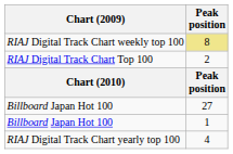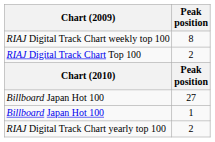 <table class="wikitable sortable">
 <tr>
 <th>Chart (2009)</th>
 <th>Peak<br>position</th>
 </tr>
 <tr>
 <td><em>RIAJ</em> Digital Track Chart weekly top 100</td>
-<td align="center" style="background: khaki;">8</td>
+<td align="center">8</td>
 </tr>
 <tr>
 <td><a href='#'><em>RIAJ</em> Digital Track Chart</a> Top 100</td>
 <td align="center">2</td>
 </tr>
 <tr>
 <th>Chart (2010)</th>
 <th>Peak<br>position</th>
 </tr>
 <tr>
 <td><em>Billboard</em> Japan Hot 100</td>
 <td align="center">27</td>
 </tr>
 <tr>
 <td><em><a href='#'>Billboard</a></em> <a href='#'>Japan Hot 100</a></td>
 <td align="center">1</td>
 </tr>
 <tr>
 <td><em>RIAJ</em> Digital Track Chart yearly top 100</td>
-<td align="center">4</td>
+<td align="center">2</td>
 </tr>
 </table>
